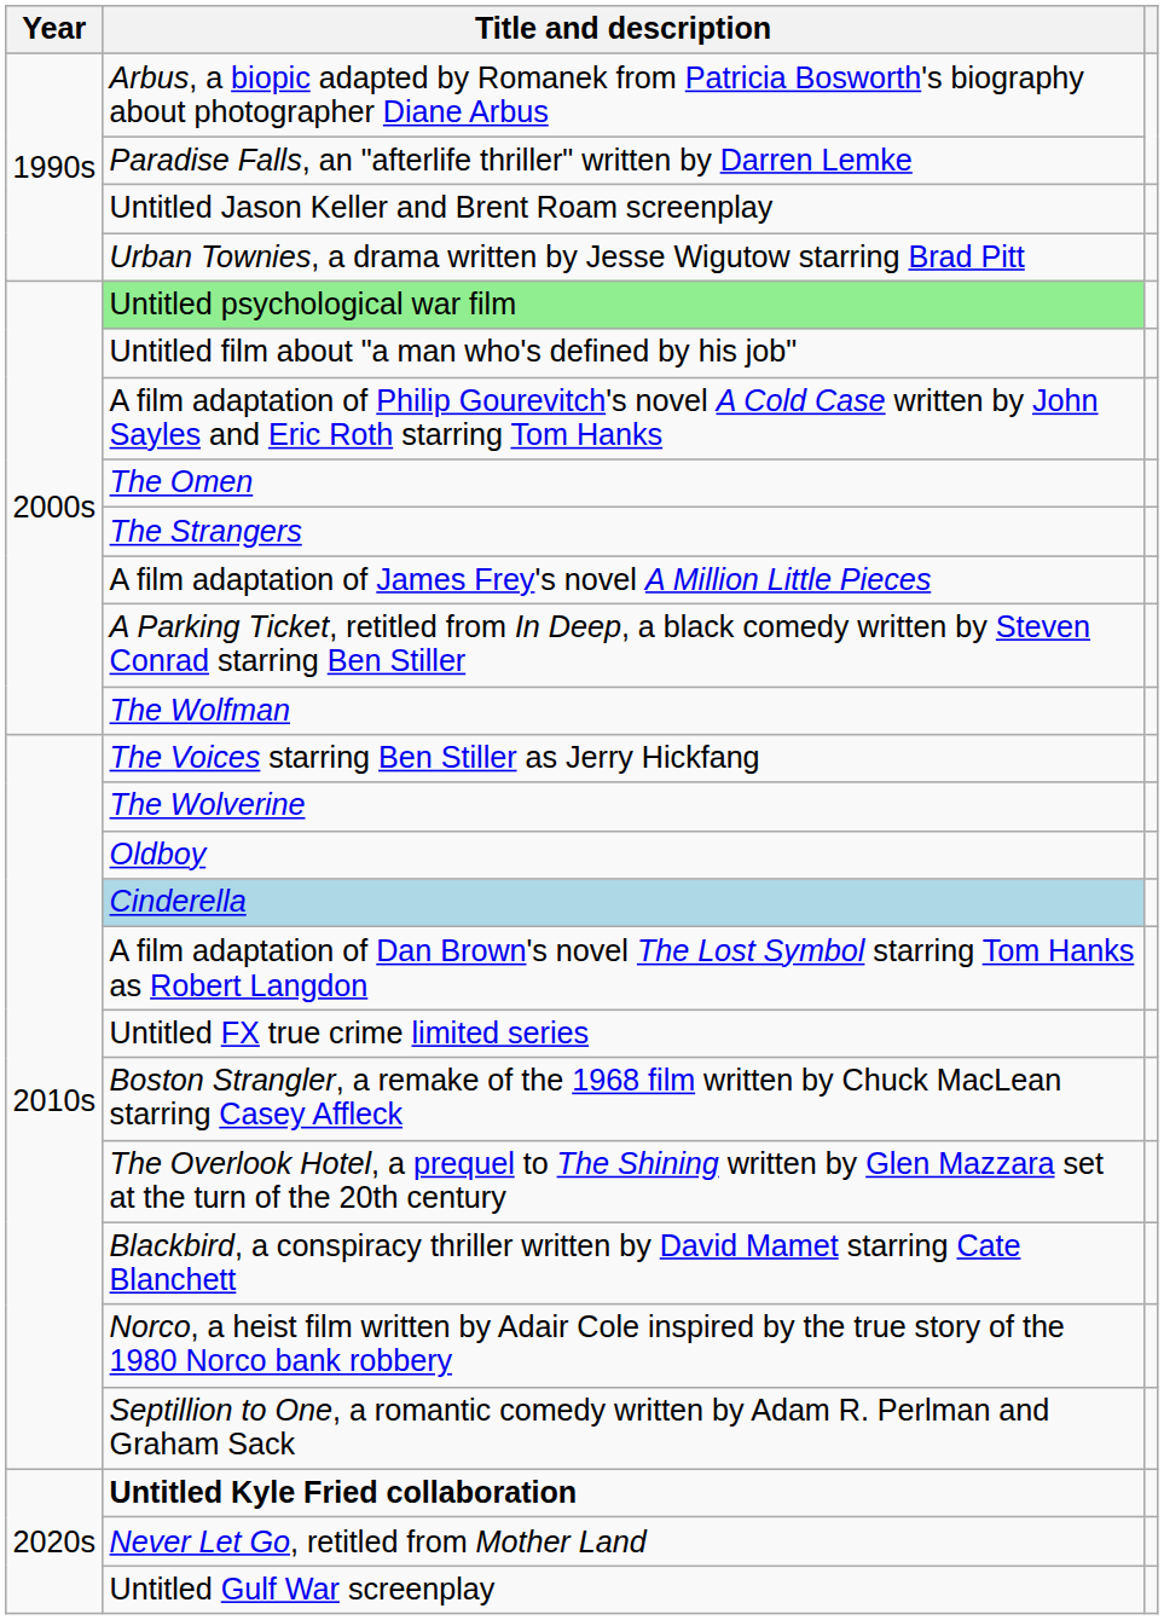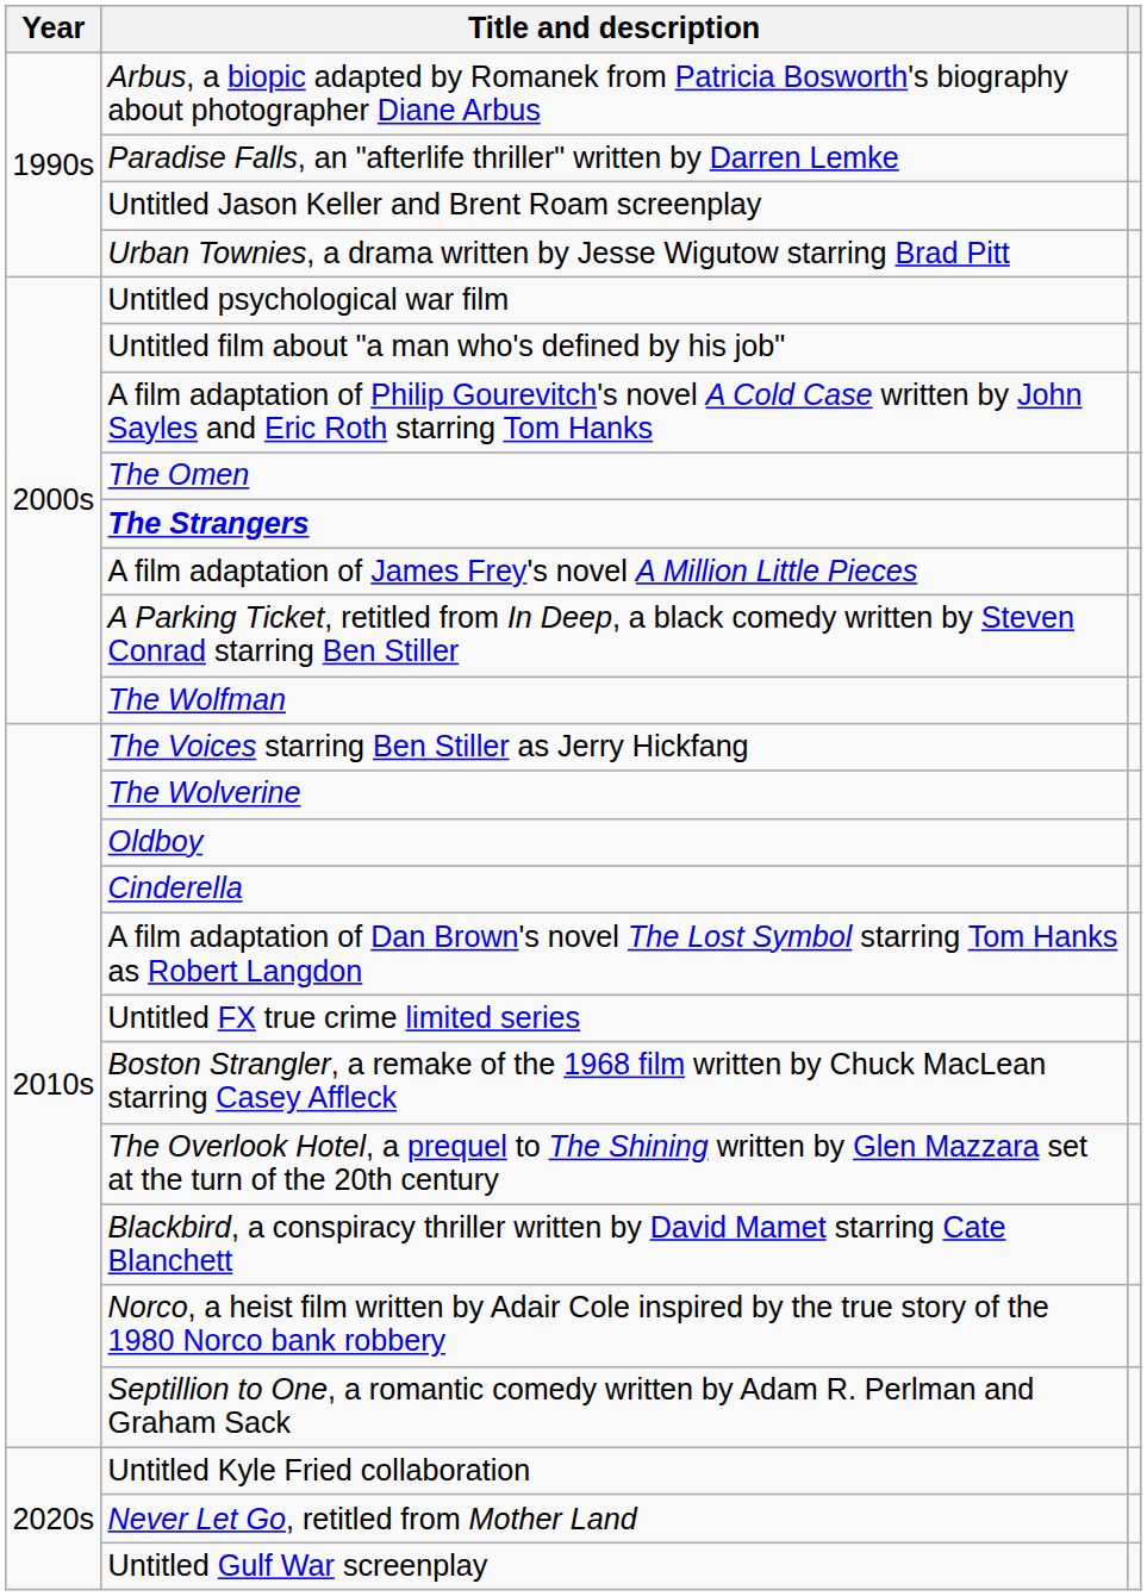 <table class="wikitable plainrowheaders">
 <tr>
 <th scope="col">Year</th>
 <th scope="col">Title and description</th>
 <th scope="col"></th>
 </tr>
 <tr>
 <td rowspan="4">1990s</td>
 <td><em>Arbus</em>, a <a href='#'>biopic</a> adapted by Romanek from <a href='#'>Patricia Bosworth</a>'s biography about photographer <a href='#'>Diane Arbus</a></td>
 <td rowspan="2"></td>
 </tr>
 <tr>
 <td><em>Paradise Falls</em>, an "afterlife thriller" written by <a href='#'>Darren Lemke</a></td>
 </tr>
 <tr>
 <td>Untitled Jason Keller and Brent Roam screenplay</td>
 <td></td>
 </tr>
 <tr>
 <td><em>Urban Townies</em>, a drama written by Jesse Wigutow starring <a href='#'>Brad Pitt</a></td>
 <td></td>
 </tr>
 <tr>
 <td rowspan="8">2000s</td>
-<td style="background: lightgreen;">Untitled psychological war film</td>
+<td>Untitled psychological war film</td>
 <td></td>
 </tr>
 <tr>
 <td>Untitled film about "a man who's defined by his job"</td>
 <td></td>
 </tr>
 <tr>
 <td>A film adaptation of <a href='#'>Philip Gourevitch</a>'s novel <em><a href='#'>A Cold Case</a></em> written by <a href='#'>John Sayles</a> and <a href='#'>Eric Roth</a> starring <a href='#'>Tom Hanks</a></td>
 <td></td>
 </tr>
 <tr>
 <td><em><a href='#'>The Omen</a></em></td>
 <td></td>
 </tr>
 <tr>
-<td><em><a href='#'>The Strangers</a></em></td>
+<td><strong><em><a href='#'>The Strangers</a></em></strong></td>
 <td></td>
 </tr>
 <tr>
 <td>A film adaptation of <a href='#'>James Frey</a>'s novel <em><a href='#'>A Million Little Pieces</a></em></td>
 <td></td>
 </tr>
 <tr>
 <td><em>A Parking Ticket</em>, retitled from <em>In Deep</em>, a black comedy written by <a href='#'>Steven Conrad</a> starring <a href='#'>Ben Stiller</a></td>
 <td></td>
 </tr>
 <tr>
 <td><em><a href='#'>The Wolfman</a></em></td>
 <td></td>
 </tr>
 <tr>
 <td rowspan="11">2010s</td>
 <td><em><a href='#'>The Voices</a></em> starring <a href='#'>Ben Stiller</a> as Jerry Hickfang</td>
 <td></td>
 </tr>
 <tr>
 <td><em><a href='#'>The Wolverine</a></em></td>
 <td></td>
 </tr>
 <tr>
 <td><em><a href='#'>Oldboy</a></em></td>
 <td></td>
 </tr>
 <tr>
-<td style="background: lightblue;"><em><a href='#'>Cinderella</a></em></td>
+<td><em><a href='#'>Cinderella</a></em></td>
 <td></td>
 </tr>
 <tr>
 <td>A film adaptation of <a href='#'>Dan Brown</a>'s novel <em><a href='#'>The Lost Symbol</a></em> starring <a href='#'>Tom Hanks</a> as <a href='#'>Robert Langdon</a></td>
 <td></td>
 </tr>
 <tr>
 <td>Untitled <a href='#'>FX</a> true crime <a href='#'>limited series</a></td>
 <td></td>
 </tr>
 <tr>
 <td><em>Boston Strangler</em>, a remake of the <a href='#'>1968 film</a> written by Chuck MacLean starring <a href='#'>Casey Affleck</a></td>
 <td></td>
 </tr>
 <tr>
 <td><em>The Overlook Hotel</em>, a <a href='#'>prequel</a> to <em><a href='#'>The Shining</a></em> written by <a href='#'>Glen Mazzara</a> set at the turn of the 20th century</td>
 <td></td>
 </tr>
 <tr>
 <td><em>Blackbird</em>, a conspiracy thriller written by <a href='#'>David Mamet</a> starring <a href='#'>Cate Blanchett</a></td>
 <td></td>
 </tr>
 <tr>
 <td><em>Norco</em>, a heist film written by Adair Cole inspired by the true story of the <a href='#'>1980 Norco bank robbery</a></td>
 <td></td>
 </tr>
 <tr>
 <td><em>Septillion to One</em>, a romantic comedy written by Adam R. Perlman and Graham Sack</td>
 <td></td>
 </tr>
 <tr>
 <td rowspan="3">2020s</td>
-<td><strong>Untitled Kyle Fried collaboration</strong></td>
+<td>Untitled Kyle Fried collaboration</td>
 <td></td>
 </tr>
 <tr>
 <td><em><a href='#'>Never Let Go</a></em>, retitled from <em>Mother Land</em></td>
 <td></td>
 </tr>
 <tr>
 <td>Untitled <a href='#'>Gulf War</a> screenplay</td>
 <td></td>
 </tr>
 </table>
